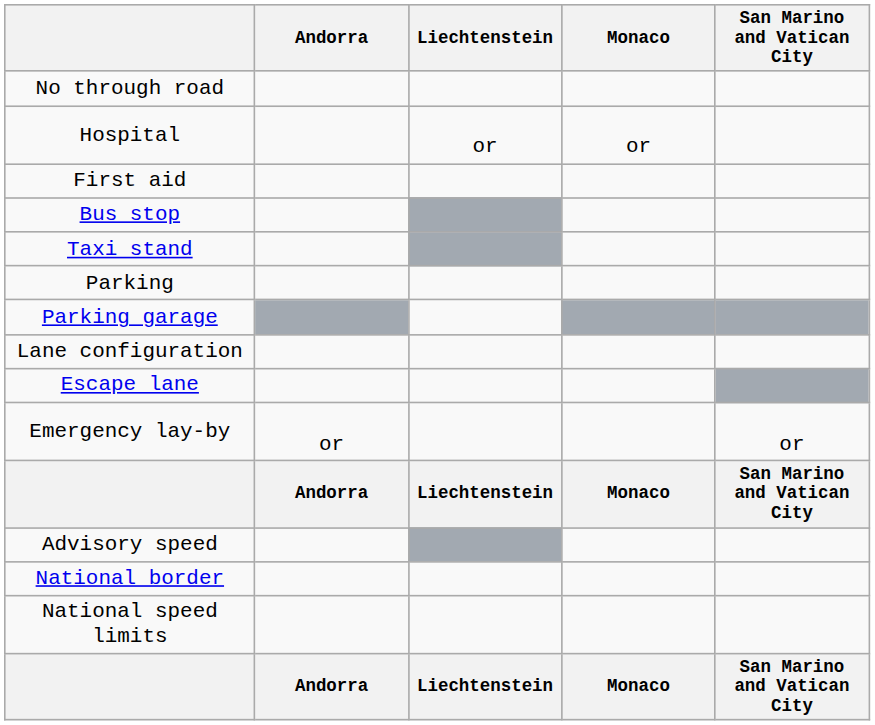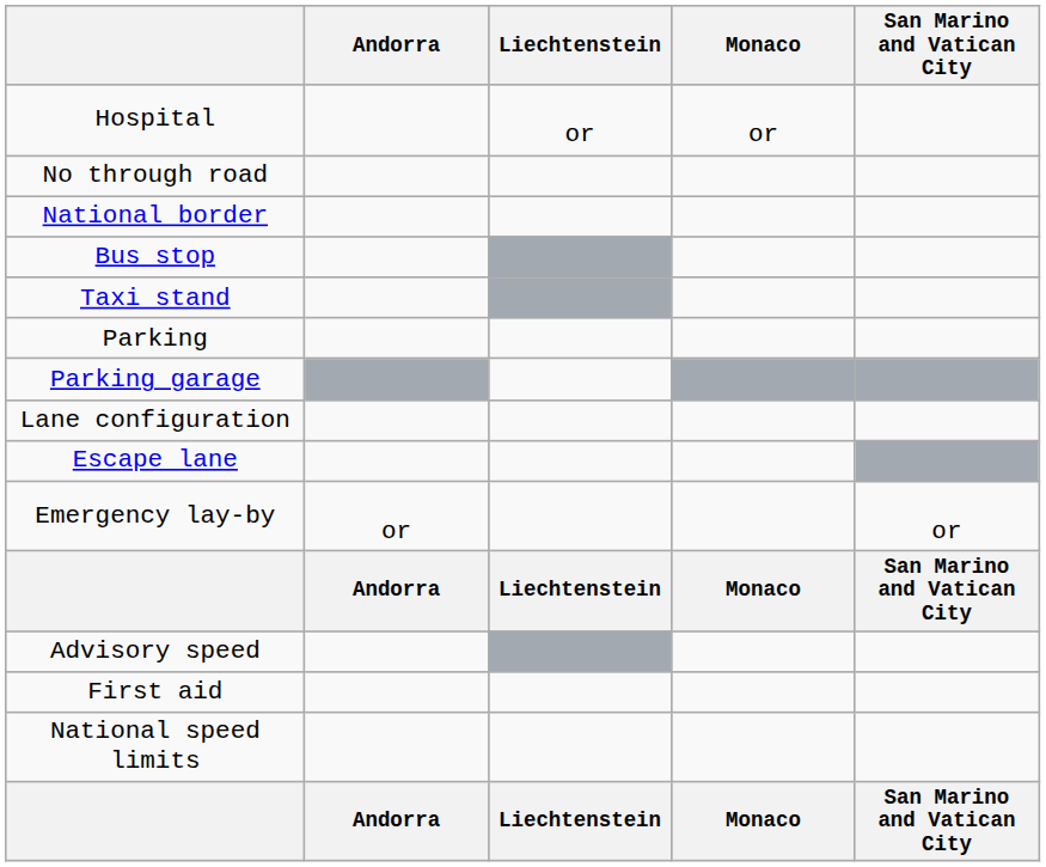 <table class="wikitable" style="text-align:center;">
 <tr style="font-size:smaller;">
 <th width="150"></th>
 <th style="width: 90px;">Andorra</th>
 <th style="width: 90px;">Liechtenstein</th>
 <th style="width: 90px;">Monaco</th>
 <th style="width: 90px;">San Marino and Vatican City</th>
 </tr>
 <tr>
+<td>Hospital</td>
+<td></td>
+<td><br> or  </td>
+<td><br>or </td>
+<td></td>
+</tr>
+<tr>
 <td>No through road</td>
 <td></td>
 <td></td>
 <td></td>
 <td></td>
 </tr>
 <tr>
-<td>Hospital</td>
-<td></td>
-<td><br> or  </td>
-<td><br>or </td>
-<td></td>
-</tr>
-<tr>
-<td>First aid</td>
+<td><a href='#'>National border</a></td>
 <td></td>
 <td></td>
 <td></td>
 <td></td>
 </tr>
 <tr>
 <td><a href='#'>Bus stop</a></td>
 <td></td>
 <td style="background: #a2a9b1;"></td>
 <td></td>
 <td></td>
 </tr>
 <tr>
 <td><a href='#'>Taxi stand</a></td>
 <td></td>
 <td style="background: #a2a9b1;"></td>
 <td></td>
 <td></td>
 </tr>
 <tr>
 <td>Parking</td>
 <td></td>
 <td></td>
 <td></td>
 <td></td>
 </tr>
 <tr>
 <td><a href='#'>Parking garage</a></td>
 <td style="background: #a2a9b1;"></td>
 <td></td>
 <td style="background: #a2a9b1;"></td>
 <td style="background: #a2a9b1;"></td>
 </tr>
 <tr>
 <td>Lane configuration</td>
 <td></td>
 <td></td>
 <td></td>
 <td></td>
 </tr>
 <tr>
 <td><a href='#'>Escape lane</a></td>
 <td></td>
 <td></td>
 <td></td>
 <td style="background: #a2a9b1;"></td>
 </tr>
 <tr>
 <td>Emergency lay-by</td>
 <td><br>or </td>
 <td></td>
 <td></td>
 <td><br>or </td>
 </tr>
 <tr style="font-size:smaller;">
 <th width="50"></th>
 <th>Andorra</th>
 <th>Liechtenstein</th>
 <th>Monaco</th>
 <th>San Marino and Vatican City</th>
 </tr>
 <tr>
 <td>Advisory speed</td>
 <td></td>
 <td style="background: #a2a9b1;"></td>
 <td></td>
 <td></td>
 </tr>
 <tr>
-<td><a href='#'>National border</a></td>
+<td>First aid</td>
 <td></td>
 <td></td>
 <td></td>
 <td></td>
 </tr>
 <tr>
 <td>National speed limits</td>
 <td></td>
 <td></td>
 <td></td>
 <td></td>
 </tr>
 <tr style="font-size:smaller;">
 <th width="50"></th>
 <th>Andorra</th>
 <th>Liechtenstein</th>
 <th>Monaco</th>
 <th>San Marino and Vatican City</th>
 </tr>
 </table>
